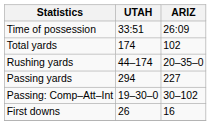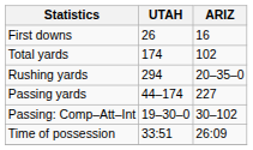 <table class="wikitable" style="float: left;">
 <tr>
 <th>Statistics</th>
 <th>UTAH</th>
 <th>ARIZ</th>
 </tr>
 <tr>
-<td>Time of possession</td>
-<td>33:51</td>
-<td>26:09</td>
+<td>First downs</td>
+<td>26</td>
+<td>16</td>
 </tr>
 <tr>
 <td>Total yards</td>
 <td>174</td>
 <td>102</td>
 </tr>
 <tr>
 <td>Rushing yards</td>
-<td>44–174</td>
+<td>294</td>
 <td>20–35–0</td>
 </tr>
 <tr>
 <td>Passing yards</td>
-<td>294</td>
+<td>44–174</td>
 <td>227</td>
 </tr>
 <tr>
 <td>Passing: Comp–Att–Int</td>
 <td>19–30–0</td>
 <td>30–102</td>
 </tr>
 <tr>
-<td>First downs</td>
-<td>26</td>
-<td>16</td>
+<td>Time of possession</td>
+<td>33:51</td>
+<td>26:09</td>
 </tr>
 <tr>
 </tr>
 </table>
